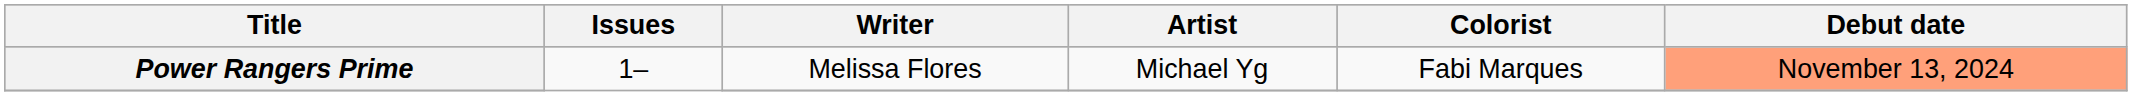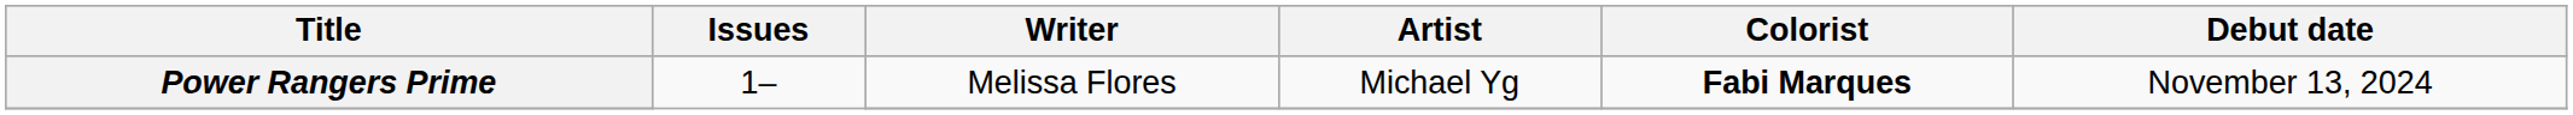 <table class="wikitable" width="100%" style="text-align: center;">
 <tr>
 <th scope="col">Title</th>
 <th scope="col">Issues</th>
 <th scope="col">Writer</th>
 <th scope="col">Artist</th>
 <th scope="col">Colorist</th>
 <th scope="col">Debut date<br></th>
 </tr>
 <tr>
 <th scope="col"><em>Power Rangers Prime</em></th>
 <td rowspan="3">1–</td>
 <td>Melissa Flores</td>
 <td>Michael Yg</td>
-<td>Fabi Marques</td>
-<td style="background: lightsalmon;">November 13, 2024</td>
+<td><strong>Fabi Marques</strong></td>
+<td>November 13, 2024</td>
 </tr>
 <tr>
 </tr>
 </table>
